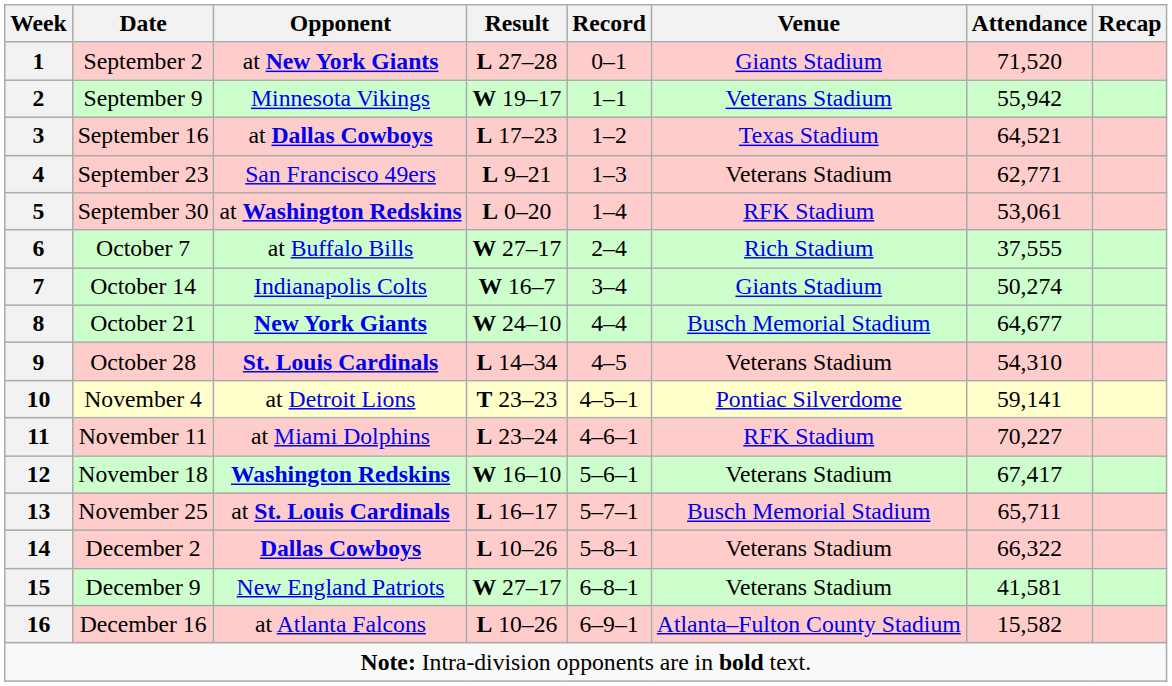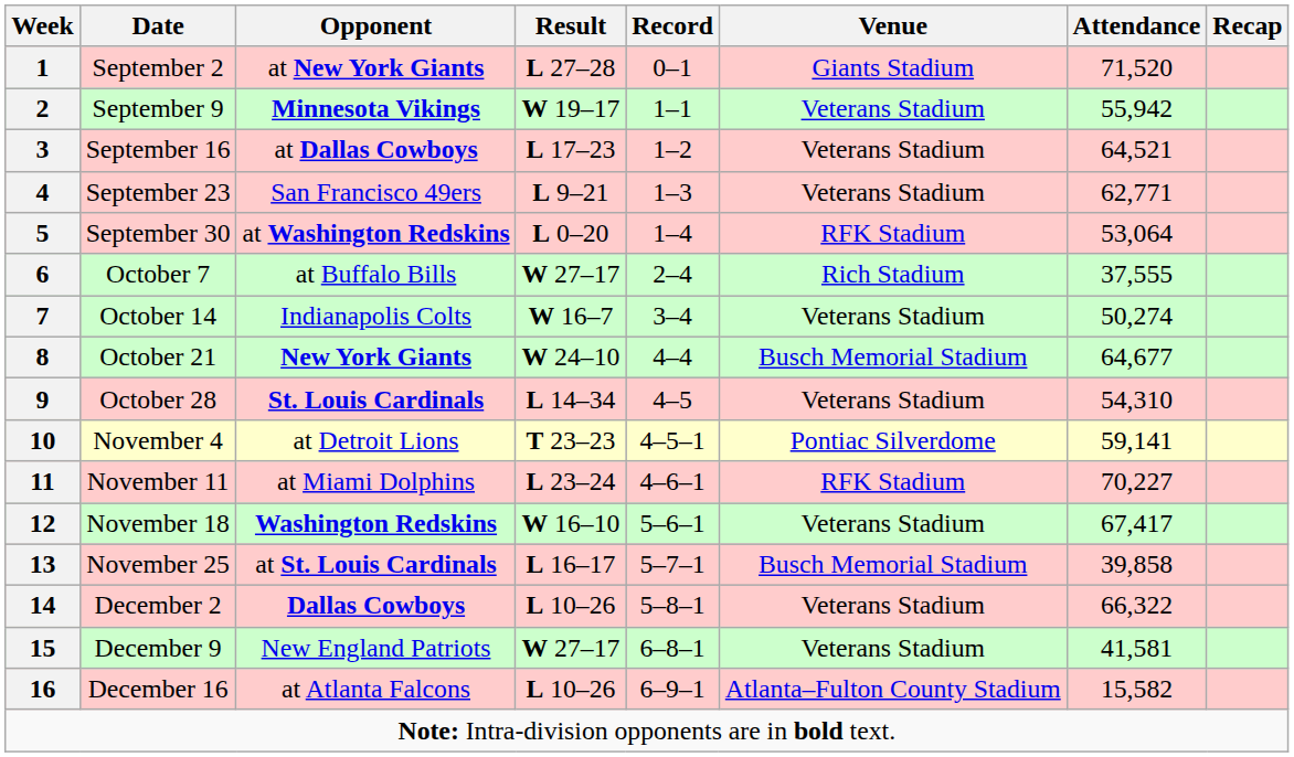 <table class="wikitable" style="text-align:center">
 <tr>
 <th>Week</th>
 <th>Date</th>
 <th>Opponent</th>
 <th>Result</th>
 <th>Record</th>
 <th>Venue</th>
 <th>Attendance</th>
 <th>Recap</th>
 </tr>
 <tr style="background:#fcc">
 <th>1</th>
 <td>September 2</td>
 <td>at <strong><a href='#'>New York Giants</a></strong></td>
 <td><strong>L</strong> 27–28</td>
 <td>0–1</td>
 <td><a href='#'>Giants Stadium</a></td>
 <td>71,520</td>
 <td></td>
 </tr>
 <tr style="background:#cfc">
 <th>2</th>
 <td>September 9</td>
-<td><a href='#'>Minnesota Vikings</a></td>
+<td><strong><a href='#'>Minnesota Vikings</a></strong></td>
 <td><strong>W</strong> 19–17</td>
 <td>1–1</td>
 <td><a href='#'>Veterans Stadium</a></td>
 <td>55,942</td>
 <td></td>
 </tr>
 <tr style="background:#fcc">
 <th>3</th>
 <td>September 16</td>
 <td>at <strong><a href='#'>Dallas Cowboys</a></strong></td>
 <td><strong>L</strong> 17–23</td>
 <td>1–2</td>
-<td><a href='#'>Texas Stadium</a></td>
+<td>Veterans Stadium</td>
 <td>64,521</td>
 <td></td>
 </tr>
 <tr style="background:#fcc">
 <th>4</th>
 <td>September 23</td>
 <td><a href='#'>San Francisco 49ers</a></td>
 <td><strong>L</strong> 9–21</td>
 <td>1–3</td>
 <td>Veterans Stadium</td>
 <td>62,771</td>
 <td></td>
 </tr>
 <tr style="background:#fcc">
 <th>5</th>
 <td>September 30</td>
 <td>at <strong><a href='#'>Washington Redskins</a></strong></td>
 <td><strong>L</strong> 0–20</td>
 <td>1–4</td>
 <td><a href='#'>RFK Stadium</a></td>
-<td>53,061</td>
+<td>53,064</td>
 <td></td>
 </tr>
 <tr style="background:#cfc">
 <th>6</th>
 <td>October 7</td>
 <td>at <a href='#'>Buffalo Bills</a></td>
 <td><strong>W</strong> 27–17</td>
 <td>2–4</td>
 <td><a href='#'>Rich Stadium</a></td>
 <td>37,555</td>
 <td></td>
 </tr>
 <tr style="background:#cfc">
 <th>7</th>
 <td>October 14</td>
 <td><a href='#'>Indianapolis Colts</a></td>
 <td><strong>W</strong> 16–7</td>
 <td>3–4</td>
-<td><a href='#'>Giants Stadium</a></td>
+<td>Veterans Stadium</td>
 <td>50,274</td>
 <td></td>
 </tr>
 <tr style="background:#cfc">
 <th>8</th>
 <td>October 21</td>
 <td><strong><a href='#'>New York Giants</a></strong></td>
 <td><strong>W</strong> 24–10</td>
 <td>4–4</td>
 <td><a href='#'>Busch Memorial Stadium</a></td>
 <td>64,677</td>
 <td></td>
 </tr>
 <tr style="background:#fcc">
 <th>9</th>
 <td>October 28</td>
 <td><strong><a href='#'>St. Louis Cardinals</a></strong></td>
 <td><strong>L</strong> 14–34</td>
 <td>4–5</td>
 <td>Veterans Stadium</td>
 <td>54,310</td>
 <td></td>
 </tr>
 <tr style="background:#ffc">
 <th>10</th>
 <td>November 4</td>
 <td>at <a href='#'>Detroit Lions</a></td>
 <td><strong>T</strong> 23–23 </td>
 <td>4–5–1</td>
 <td><a href='#'>Pontiac Silverdome</a></td>
 <td>59,141</td>
 <td></td>
 </tr>
 <tr style="background:#fcc">
 <th>11</th>
 <td>November 11</td>
 <td>at <a href='#'>Miami Dolphins</a></td>
 <td><strong>L</strong> 23–24</td>
 <td>4–6–1</td>
 <td><a href='#'>RFK Stadium</a></td>
 <td>70,227</td>
 <td></td>
 </tr>
 <tr style="background:#cfc">
 <th>12</th>
 <td>November 18</td>
 <td><strong><a href='#'>Washington Redskins</a></strong></td>
 <td><strong>W</strong> 16–10</td>
 <td>5–6–1</td>
 <td>Veterans Stadium</td>
 <td>67,417</td>
 <td></td>
 </tr>
 <tr style="background:#fcc">
 <th>13</th>
 <td>November 25</td>
 <td>at <strong><a href='#'>St. Louis Cardinals</a></strong></td>
 <td><strong>L</strong> 16–17</td>
 <td>5–7–1</td>
 <td><a href='#'>Busch Memorial Stadium</a></td>
-<td>65,711</td>
+<td>39,858</td>
 <td></td>
 </tr>
 <tr style="background:#fcc">
 <th>14</th>
 <td>December 2</td>
 <td><strong><a href='#'>Dallas Cowboys</a></strong></td>
 <td><strong>L</strong> 10–26</td>
 <td>5–8–1</td>
 <td>Veterans Stadium</td>
 <td>66,322</td>
 <td></td>
 </tr>
 <tr style="background:#cfc">
 <th>15</th>
 <td>December 9</td>
 <td><a href='#'>New England Patriots</a></td>
 <td><strong>W</strong> 27–17</td>
 <td>6–8–1</td>
 <td>Veterans Stadium</td>
 <td>41,581</td>
 <td></td>
 </tr>
 <tr style="background:#fcc">
 <th>16</th>
 <td>December 16</td>
 <td>at <a href='#'>Atlanta Falcons</a></td>
 <td><strong>L</strong> 10–26</td>
 <td>6–9–1</td>
 <td><a href='#'>Atlanta–Fulton County Stadium</a></td>
 <td>15,582</td>
 <td></td>
 </tr>
 <tr>
 <td colspan="8"><strong>Note:</strong> Intra-division opponents are in <strong>bold</strong> text.</td>
 </tr>
 </table>
